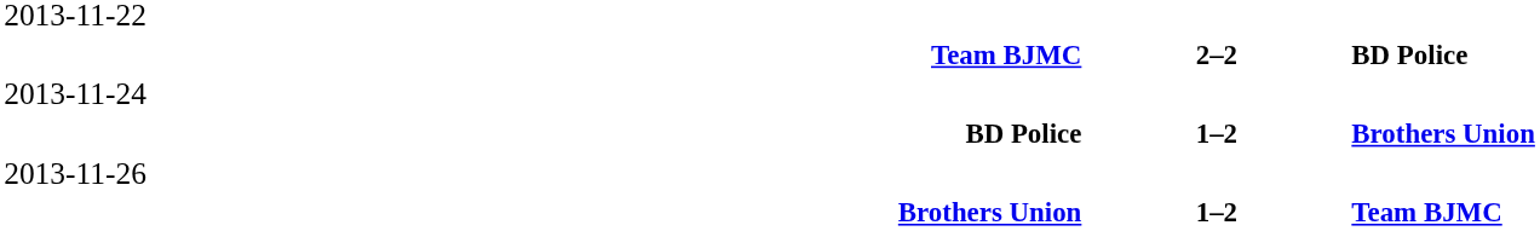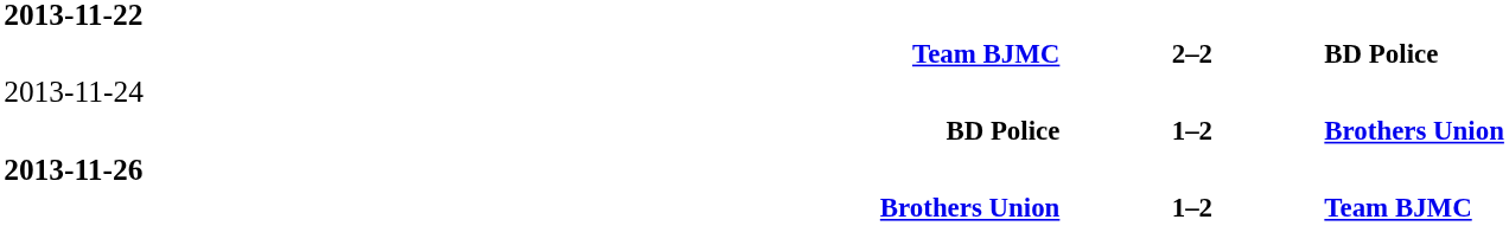 <table width=100% cellspacing=1>
 <tr>
 <th></th>
 <th></th>
 <th></th>
 </tr>
 <tr>
-<td>2013-11-22</td>
+<td><strong>2013-11-22</strong></td>
 </tr>
 <tr style=font-size:90%>
 <td align=right><strong><a href='#'>Team BJMC</a></strong></td>
 <td align=center><strong>2–2</strong></td>
 <td><strong>BD Police</strong></td>
 </tr>
 <tr>
 <td>2013-11-24</td>
 </tr>
 <tr style=font-size:90%>
 <td align=right><strong>BD Police</strong></td>
 <td align=center><strong>1–2</strong></td>
 <td><strong><a href='#'>Brothers Union</a></strong></td>
 </tr>
 <tr>
-<td>2013-11-26</td>
+<td><strong>2013-11-26</strong></td>
 </tr>
 <tr style=font-size:90%>
 <td align=right><strong><a href='#'>Brothers Union</a></strong></td>
 <td align=center><strong>1–2</strong></td>
 <td><strong><a href='#'>Team BJMC</a></strong></td>
 </tr>
 <tr>
 </tr>
 </table>
